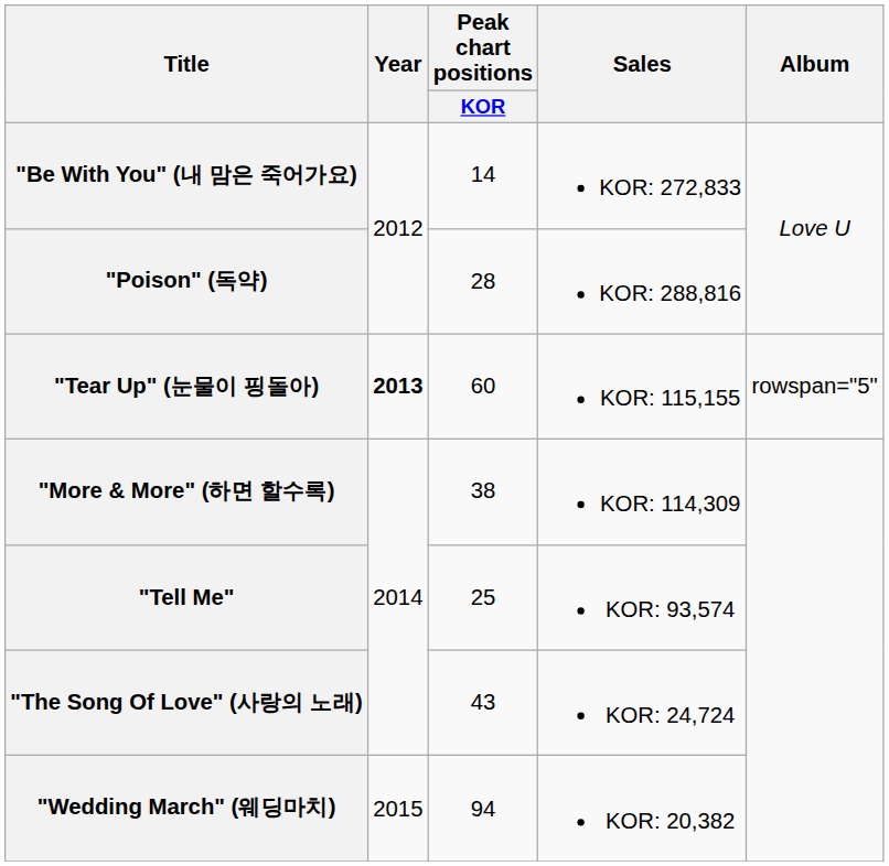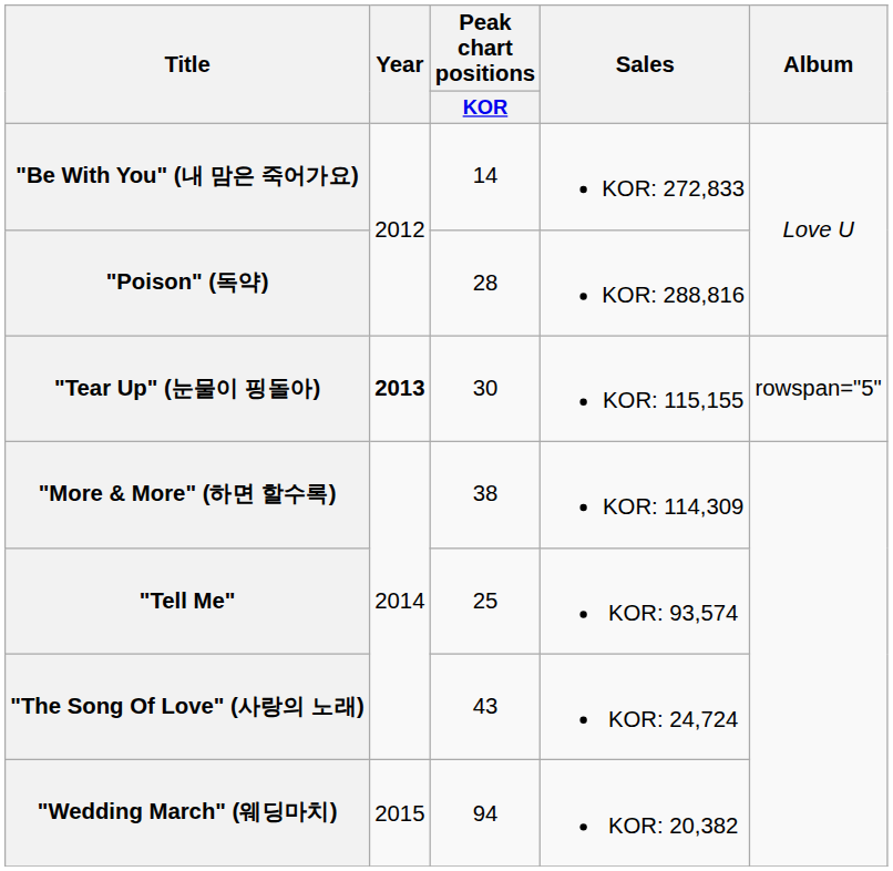 <table class="wikitable plainrowheaders" style="text-align:center;">
 <tr>
 <th rowspan="2" scope="col">Title</th>
 <th rowspan="2" scope="col">Year</th>
 <th colspan="1" scope="col">Peak chart positions</th>
 <th rowspan="2" scope="col">Sales</th>
 <th rowspan="2" scope="col">Album</th>
 </tr>
 <tr>
 <th scope="col" style="width:3.5em;font-size:90%;"><a href='#'>KOR</a><br></th>
 </tr>
 <tr>
 <th scope="row">"Be With You" (내 맘은 죽어가요) </th>
 <td rowspan="2">2012</td>
 <td>14</td>
 <td><br><ul><li>KOR: 272,833</li></ul></td>
 <td rowspan="2"><em>Love U</em></td>
 </tr>
 <tr>
 <th scope="row">"Poison" (독약) </th>
 <td>28</td>
 <td><br><ul><li>KOR: 288,816</li></ul></td>
 </tr>
 <tr>
 <th scope="row">"Tear Up" (눈물이 핑돌아) </th>
 <td><strong>2013</strong></td>
-<td>60</td>
+<td>30</td>
 <td><br><ul><li>KOR: 115,155</li></ul></td>
 <td>rowspan="5" </td>
 </tr>
 <tr>
 <th scope="row">"More & More" (하면 할수록) </th>
 <td rowspan="3">2014</td>
 <td>38</td>
 <td><br><ul><li>KOR: 114,309</li></ul></td>
 </tr>
 <tr>
 <th scope="row">"Tell Me"</th>
 <td>25</td>
 <td><br><ul><li>KOR: 93,574</li></ul></td>
 </tr>
 <tr>
 <th scope="row">"The Song Of Love" (사랑의 노래) </th>
 <td>43</td>
 <td><br><ul><li>KOR: 24,724</li></ul></td>
 </tr>
 <tr>
 <th scope="row">"Wedding March" (웨딩마치)</th>
 <td>2015</td>
 <td>94</td>
 <td><br><ul><li>KOR: 20,382</li></ul></td>
 </tr>
 </table>
